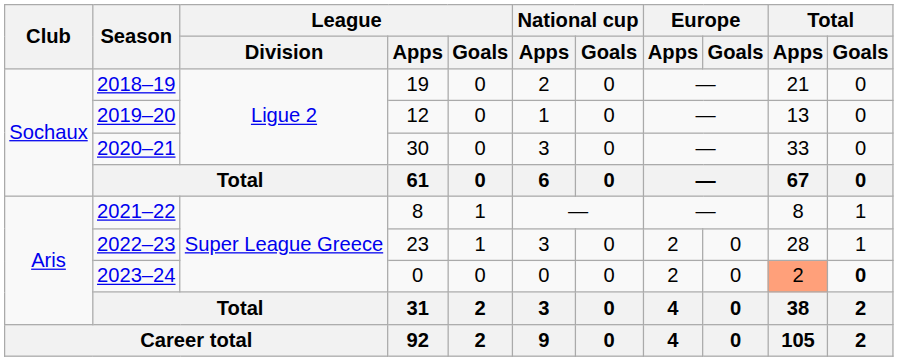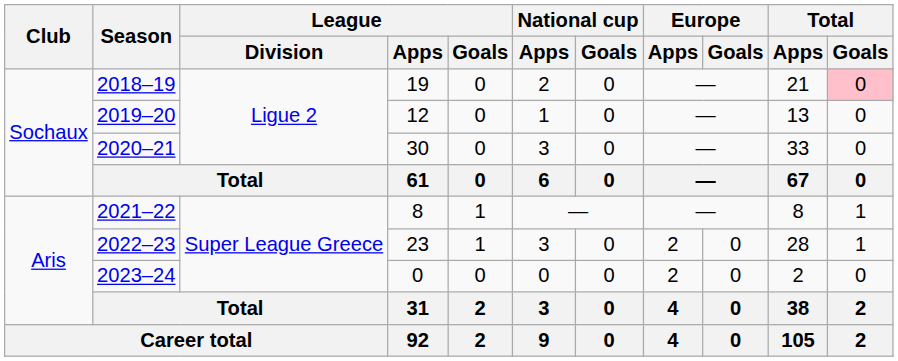 <table class="wikitable" style="text-align:center">
 <tr>
 <th rowspan="2">Club</th>
 <th rowspan="2">Season</th>
 <th colspan="3">League</th>
 <th colspan="2">National cup</th>
 <th colspan="2">Europe</th>
 <th colspan="2">Total</th>
 </tr>
 <tr>
 <th>Division</th>
 <th>Apps</th>
 <th>Goals</th>
 <th>Apps</th>
 <th>Goals</th>
 <th>Apps</th>
 <th>Goals</th>
 <th>Apps</th>
 <th>Goals</th>
 </tr>
 <tr>
 <td rowspan="4"><a href='#'>Sochaux</a></td>
 <td><a href='#'>2018–19</a></td>
 <td rowspan="3"><a href='#'>Ligue 2</a></td>
 <td>19</td>
 <td>0</td>
 <td>2</td>
 <td>0</td>
 <td colspan="2">—</td>
 <td>21</td>
-<td>0</td>
+<td style="background: pink;">0</td>
 </tr>
 <tr>
 <td><a href='#'>2019–20</a></td>
 <td>12</td>
 <td>0</td>
 <td>1</td>
 <td>0</td>
 <td colspan="2">—</td>
 <td>13</td>
 <td>0</td>
 </tr>
 <tr>
 <td><a href='#'>2020–21</a></td>
 <td>30</td>
 <td>0</td>
 <td>3</td>
 <td>0</td>
 <td colspan="2">—</td>
 <td>33</td>
 <td>0</td>
 </tr>
 <tr>
 <th colspan="2">Total</th>
 <th>61</th>
 <th>0</th>
 <th>6</th>
 <th>0</th>
 <th colspan="2">—</th>
 <th>67</th>
 <th>0</th>
 </tr>
 <tr>
 <td rowspan="4"><a href='#'>Aris</a></td>
 <td><a href='#'>2021–22</a></td>
 <td rowspan="3"><a href='#'>Super League Greece</a></td>
 <td>8</td>
 <td>1</td>
 <td colspan="2">—</td>
 <td colspan="2">—</td>
 <td>8</td>
 <td>1</td>
 </tr>
 <tr>
 <td><a href='#'>2022–23</a></td>
 <td>23</td>
 <td>1</td>
 <td>3</td>
 <td>0</td>
 <td>2</td>
 <td>0</td>
 <td>28</td>
 <td>1</td>
 </tr>
 <tr>
 <td><a href='#'>2023–24</a></td>
 <td>0</td>
 <td>0</td>
 <td>0</td>
 <td>0</td>
 <td>2</td>
 <td>0</td>
-<td style="background: lightsalmon;">2</td>
-<td><strong>0</strong></td>
+<td>2</td>
+<td>0</td>
 </tr>
 <tr>
 <th colspan="2">Total</th>
 <th>31</th>
 <th>2</th>
 <th>3</th>
 <th>0</th>
 <th>4</th>
 <th>0</th>
 <th>38</th>
 <th>2</th>
 </tr>
 <tr>
 <th colspan="3">Career total</th>
 <th>92</th>
 <th>2</th>
 <th>9</th>
 <th>0</th>
 <th>4</th>
 <th>0</th>
 <th>105</th>
 <th>2</th>
 </tr>
 </table>
